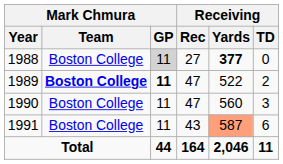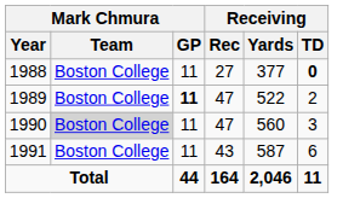 <table class="wikitable" style="text-align:center;">
 <tr>
 <th colspan="3">Mark Chmura</th>
 <th colspan="3">Receiving</th>
 </tr>
 <tr>
 <th>Year</th>
 <th>Team</th>
 <th>GP</th>
 <th>Rec</th>
 <th>Yards</th>
 <th>TD</th>
 </tr>
 <tr>
 <td>1988</td>
 <td><a href='#'>Boston College</a></td>
-<td style="background: lightgrey;">11</td>
+<td>11</td>
 <td>27</td>
-<td><strong>377</strong></td>
-<td>0</td>
+<td>377</td>
+<td><strong>0</strong></td>
 </tr>
 <tr>
 <td>1989</td>
-<td><strong><a href='#'>Boston College</a></strong></td>
+<td><a href='#'>Boston College</a></td>
 <td><strong>11</strong></td>
 <td>47</td>
 <td>522</td>
 <td>2</td>
 </tr>
 <tr>
 <td>1990</td>
-<td><a href='#'>Boston College</a></td>
+<td style="background: lightgrey;"><a href='#'>Boston College</a></td>
 <td>11</td>
 <td>47</td>
 <td>560</td>
 <td>3</td>
 </tr>
 <tr>
 <td>1991</td>
 <td><a href='#'>Boston College</a></td>
 <td>11</td>
 <td>43</td>
-<td style="background: lightsalmon;">587</td>
+<td>587</td>
 <td>6</td>
 </tr>
 <tr>
 <td colspan="2"><strong>Total</strong></td>
 <td><strong>44</strong></td>
 <td><strong>164</strong></td>
 <td><strong>2,046</strong></td>
 <td><strong>11</strong></td>
 </tr>
 </table>
